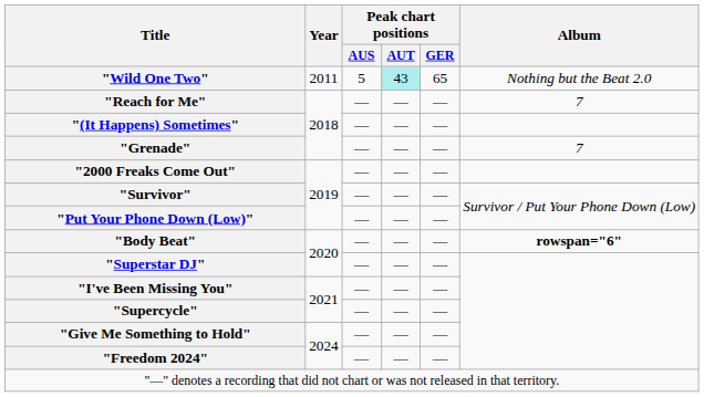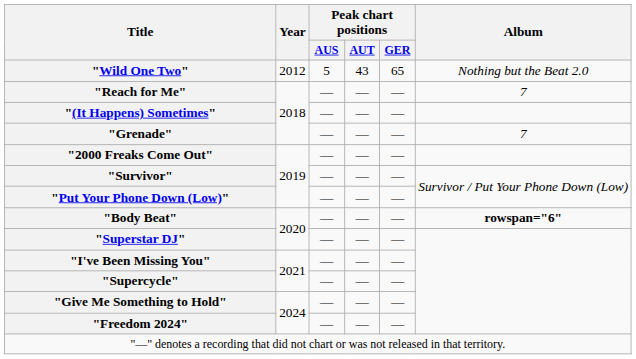 <table class="wikitable plainrowheaders" style="text-align:center;" border="1">
 <tr>
 <th scope="col" rowspan="2" style="width:20em;">Title</th>
 <th scope="col" rowspan="2" style="width:1em;">Year</th>
 <th scope="col" colspan="3">Peak chart positions</th>
 <th scope="col" rowspan="2">Album</th>
 </tr>
 <tr>
 <th scope="col" style="width:2.5em;font-size:90%;"><a href='#'>AUS</a><br></th>
 <th scope="col" style="width:2.5em;font-size:90%;"><a href='#'>AUT</a><br></th>
 <th scope="col" style="width:2.5em;font-size:90%;"><a href='#'>GER</a><br></th>
 </tr>
 <tr>
 <th scope="row">"<a href='#'>Wild One Two</a>"<br></th>
-<td>2011</td>
+<td>2012</td>
 <td>5</td>
-<td style="background: paleturquoise;">43</td>
+<td>43</td>
 <td>65</td>
 <td><em>Nothing but the Beat 2.0</em></td>
 </tr>
 <tr>
 <th scope="row">"Reach for Me"</th>
 <td rowspan="3">2018</td>
 <td>—</td>
 <td>—</td>
 <td>—</td>
 <td><em>7</em></td>
 </tr>
 <tr>
 <th scope="row">"<a href='#'>(It Happens) Sometimes</a>"</th>
 <td>—</td>
 <td>—</td>
 <td>—</td>
 <td></td>
 </tr>
 <tr>
 <th scope="row">"Grenade"</th>
 <td>—</td>
 <td>—</td>
 <td>—</td>
 <td><em>7</em></td>
 </tr>
 <tr>
 <th scope="row">"2000 Freaks Come Out"<br></th>
 <td rowspan="3">2019</td>
 <td>—</td>
 <td>—</td>
 <td>—</td>
 <td></td>
 </tr>
 <tr>
 <th scope="row">"Survivor"</th>
 <td>—</td>
 <td>—</td>
 <td>—</td>
 <td rowspan="2"><em>Survivor / Put Your Phone Down (Low)</em></td>
 </tr>
 <tr>
 <th scope="row">"<a href='#'>Put Your Phone Down (Low)</a>"</th>
 <td>—</td>
 <td>—</td>
 <td>—</td>
 </tr>
 <tr>
 <th scope="row">"Body Beat"<br></th>
 <td rowspan="2">2020</td>
 <td>—</td>
 <td>—</td>
 <td>—</td>
 <td><strong>rowspan="6" </strong></td>
 </tr>
 <tr>
 <th scope="row">"<a href='#'>Superstar DJ</a>"</th>
 <td>—</td>
 <td>—</td>
 <td>—</td>
 </tr>
 <tr>
 <th scope="row">"I've Been Missing You"<br></th>
 <td rowspan="2">2021</td>
 <td>—</td>
 <td>—</td>
 <td>—</td>
 </tr>
 <tr>
 <th scope="row">"Supercycle"<br></th>
 <td>—</td>
 <td>—</td>
 <td>—</td>
 </tr>
 <tr>
 <th scope="row">"Give Me Something to Hold"<br></th>
 <td rowspan="2">2024</td>
 <td>—</td>
 <td>—</td>
 <td>—</td>
 </tr>
 <tr>
 <th scope="row">"Freedom 2024"<br></th>
 <td>—</td>
 <td>—</td>
 <td>—</td>
 </tr>
 <tr>
 <td colspan="14" style="font-size:90%">"—" denotes a recording that did not chart or was not released in that territory.</td>
 </tr>
 </table>
